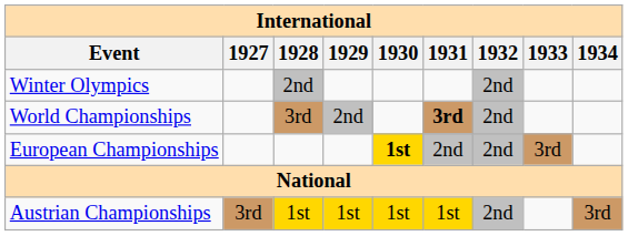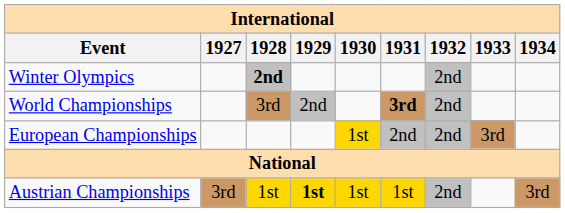 <table class="wikitable" style="text-align:center">
 <tr>
 <th style="background-color: #ffdead; " colspan=9 align=center>International</th>
 </tr>
 <tr>
 <th>Event</th>
 <th>1927</th>
 <th>1928</th>
 <th>1929</th>
 <th>1930</th>
 <th>1931</th>
 <th>1932</th>
 <th>1933</th>
 <th>1934</th>
 </tr>
 <tr>
 <td align=left><a href='#'>Winter Olympics</a></td>
 <td></td>
-<td bgcolor=silver>2nd</td>
+<td bgcolor=silver><strong>2nd</strong></td>
 <td></td>
 <td></td>
 <td></td>
 <td bgcolor=silver>2nd</td>
 <td></td>
 <td></td>
 </tr>
 <tr>
 <td align=left><a href='#'>World Championships</a></td>
 <td></td>
 <td bgcolor=CC9966>3rd</td>
 <td bgcolor=silver>2nd</td>
 <td></td>
 <td bgcolor=CC9966><strong>3rd</strong></td>
 <td bgcolor=silver>2nd</td>
 <td></td>
 <td></td>
 </tr>
 <tr>
 <td align=left><a href='#'>European Championships</a></td>
 <td></td>
 <td></td>
 <td></td>
-<td bgcolor=gold><strong>1st</strong></td>
+<td bgcolor=gold>1st</td>
 <td bgcolor=silver>2nd</td>
 <td bgcolor=silver>2nd</td>
 <td bgcolor=CC9966>3rd</td>
 <td></td>
 </tr>
 <tr>
 <th style="background-color: #ffdead; " colspan=9 align=center>National</th>
 </tr>
 <tr>
 <td align=left><a href='#'>Austrian Championships</a></td>
 <td bgcolor=CC9966>3rd</td>
 <td bgcolor=gold>1st</td>
-<td bgcolor=gold>1st</td>
+<td bgcolor=gold><strong>1st</strong></td>
 <td bgcolor=gold>1st</td>
 <td bgcolor=gold>1st</td>
 <td bgcolor=silver>2nd</td>
 <td></td>
 <td bgcolor=CC9966>3rd</td>
 </tr>
 </table>
